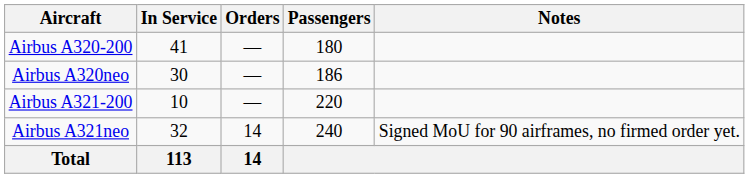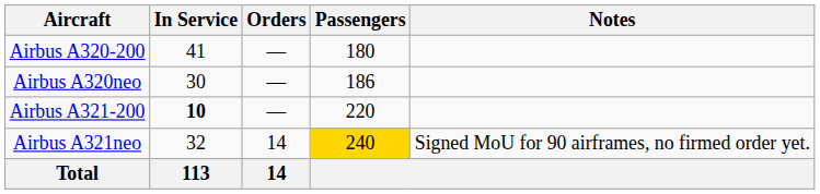 <table class="wikitable" style="text-align: center;">
 <tr>
 <th>Aircraft</th>
 <th>In Service</th>
 <th>Orders</th>
 <th>Passengers</th>
 <th>Notes</th>
 </tr>
 <tr>
 <td><a href='#'>Airbus A320-200</a></td>
 <td>41</td>
 <td>—</td>
 <td>180</td>
 <td></td>
 </tr>
 <tr>
 <td><a href='#'>Airbus A320neo</a></td>
 <td>30</td>
 <td>—</td>
 <td>186</td>
 <td></td>
 </tr>
 <tr>
 <td><a href='#'>Airbus A321-200</a></td>
-<td>10</td>
+<td><strong>10</strong></td>
 <td>—</td>
 <td>220</td>
 <td></td>
 </tr>
 <tr>
 <td><a href='#'>Airbus A321neo</a></td>
 <td>32</td>
 <td>14</td>
-<td>240</td>
+<td style="background: gold;">240</td>
 <td>Signed MoU for 90 airframes, no firmed order yet.</td>
 </tr>
 <tr>
 <th>Total</th>
 <th>113</th>
 <th>14</th>
 <th colspan="2"></th>
 </tr>
 </table>
